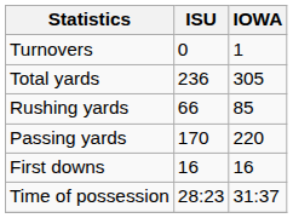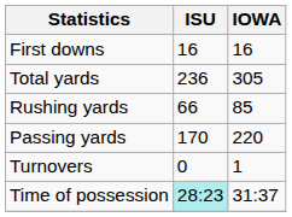 <table class="wikitable">
 <tr>
 <th>Statistics</th>
 <th>ISU</th>
 <th>IOWA</th>
 </tr>
 <tr>
-<td>Turnovers</td>
-<td>0</td>
-<td>1</td>
+<td>First downs</td>
+<td>16</td>
+<td>16</td>
 </tr>
 <tr>
 <td>Total yards</td>
 <td>236</td>
 <td>305</td>
 </tr>
 <tr>
 <td>Rushing yards</td>
 <td>66</td>
 <td>85</td>
 </tr>
 <tr>
 <td>Passing yards</td>
 <td>170</td>
 <td>220</td>
 </tr>
 <tr>
-<td>First downs</td>
-<td>16</td>
-<td>16</td>
+<td>Turnovers</td>
+<td>0</td>
+<td>1</td>
 </tr>
 <tr>
 <td>Time of possession</td>
-<td>28:23</td>
+<td style="background: paleturquoise;">28:23</td>
 <td>31:37</td>
 </tr>
 <tr>
 </tr>
 </table>
